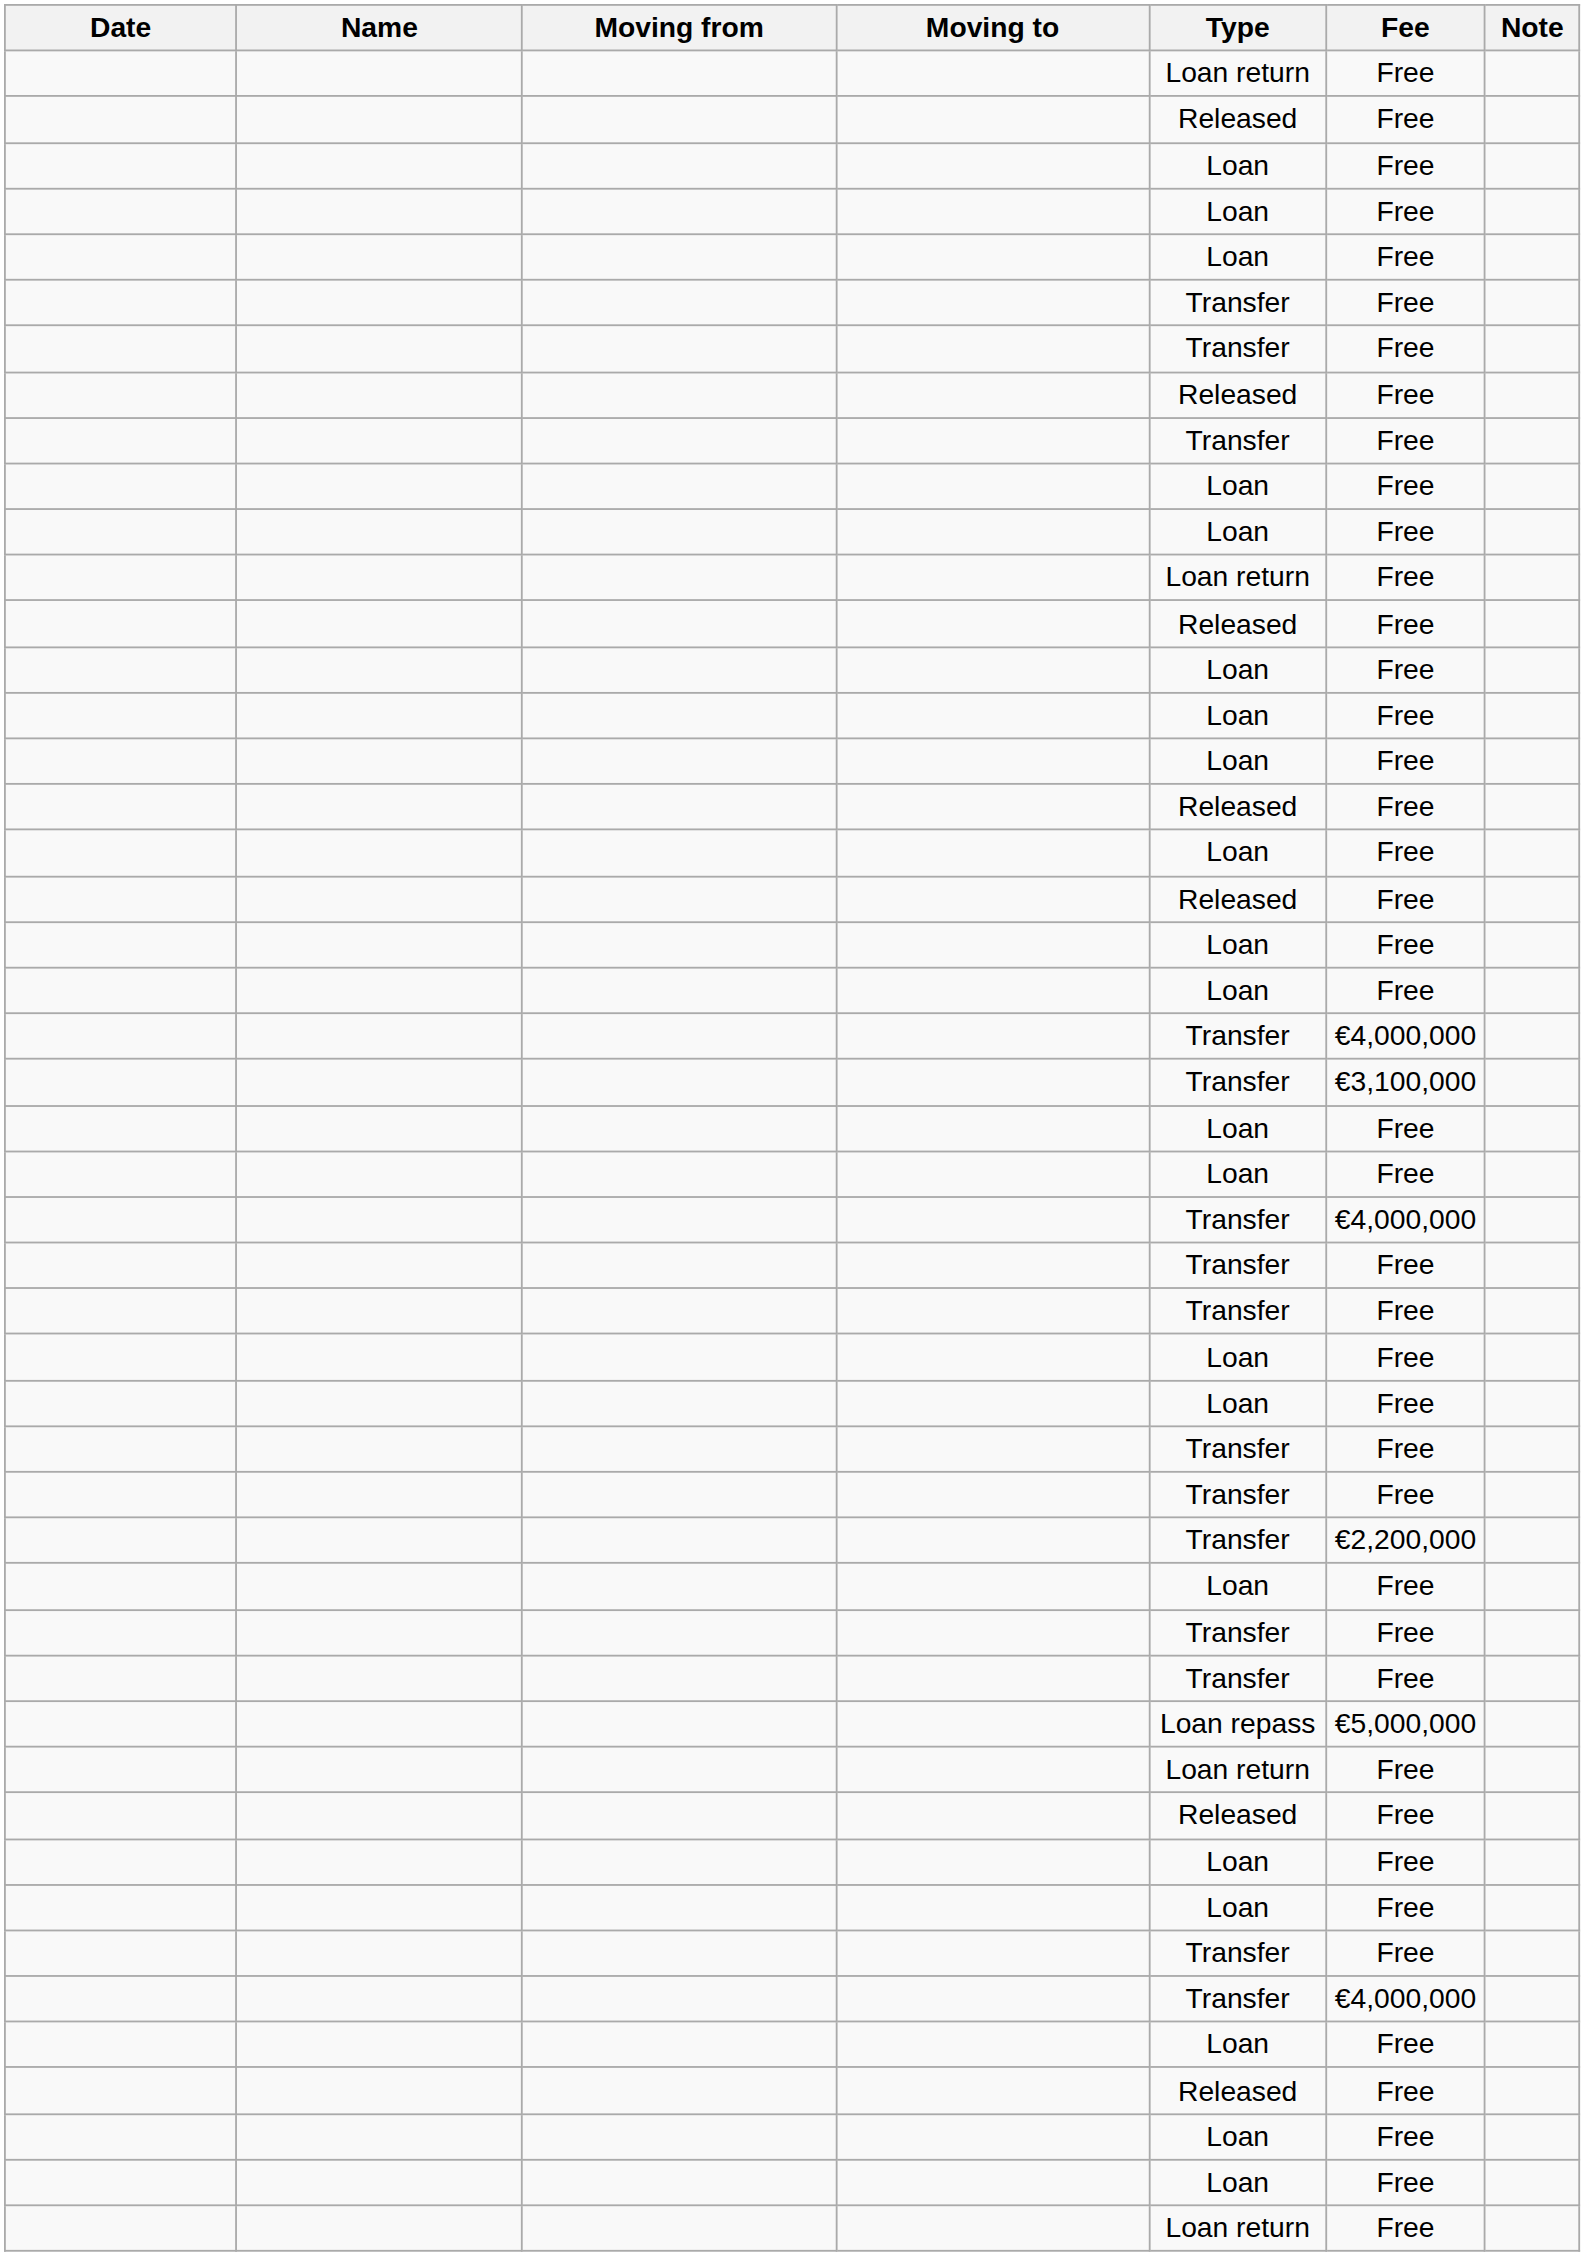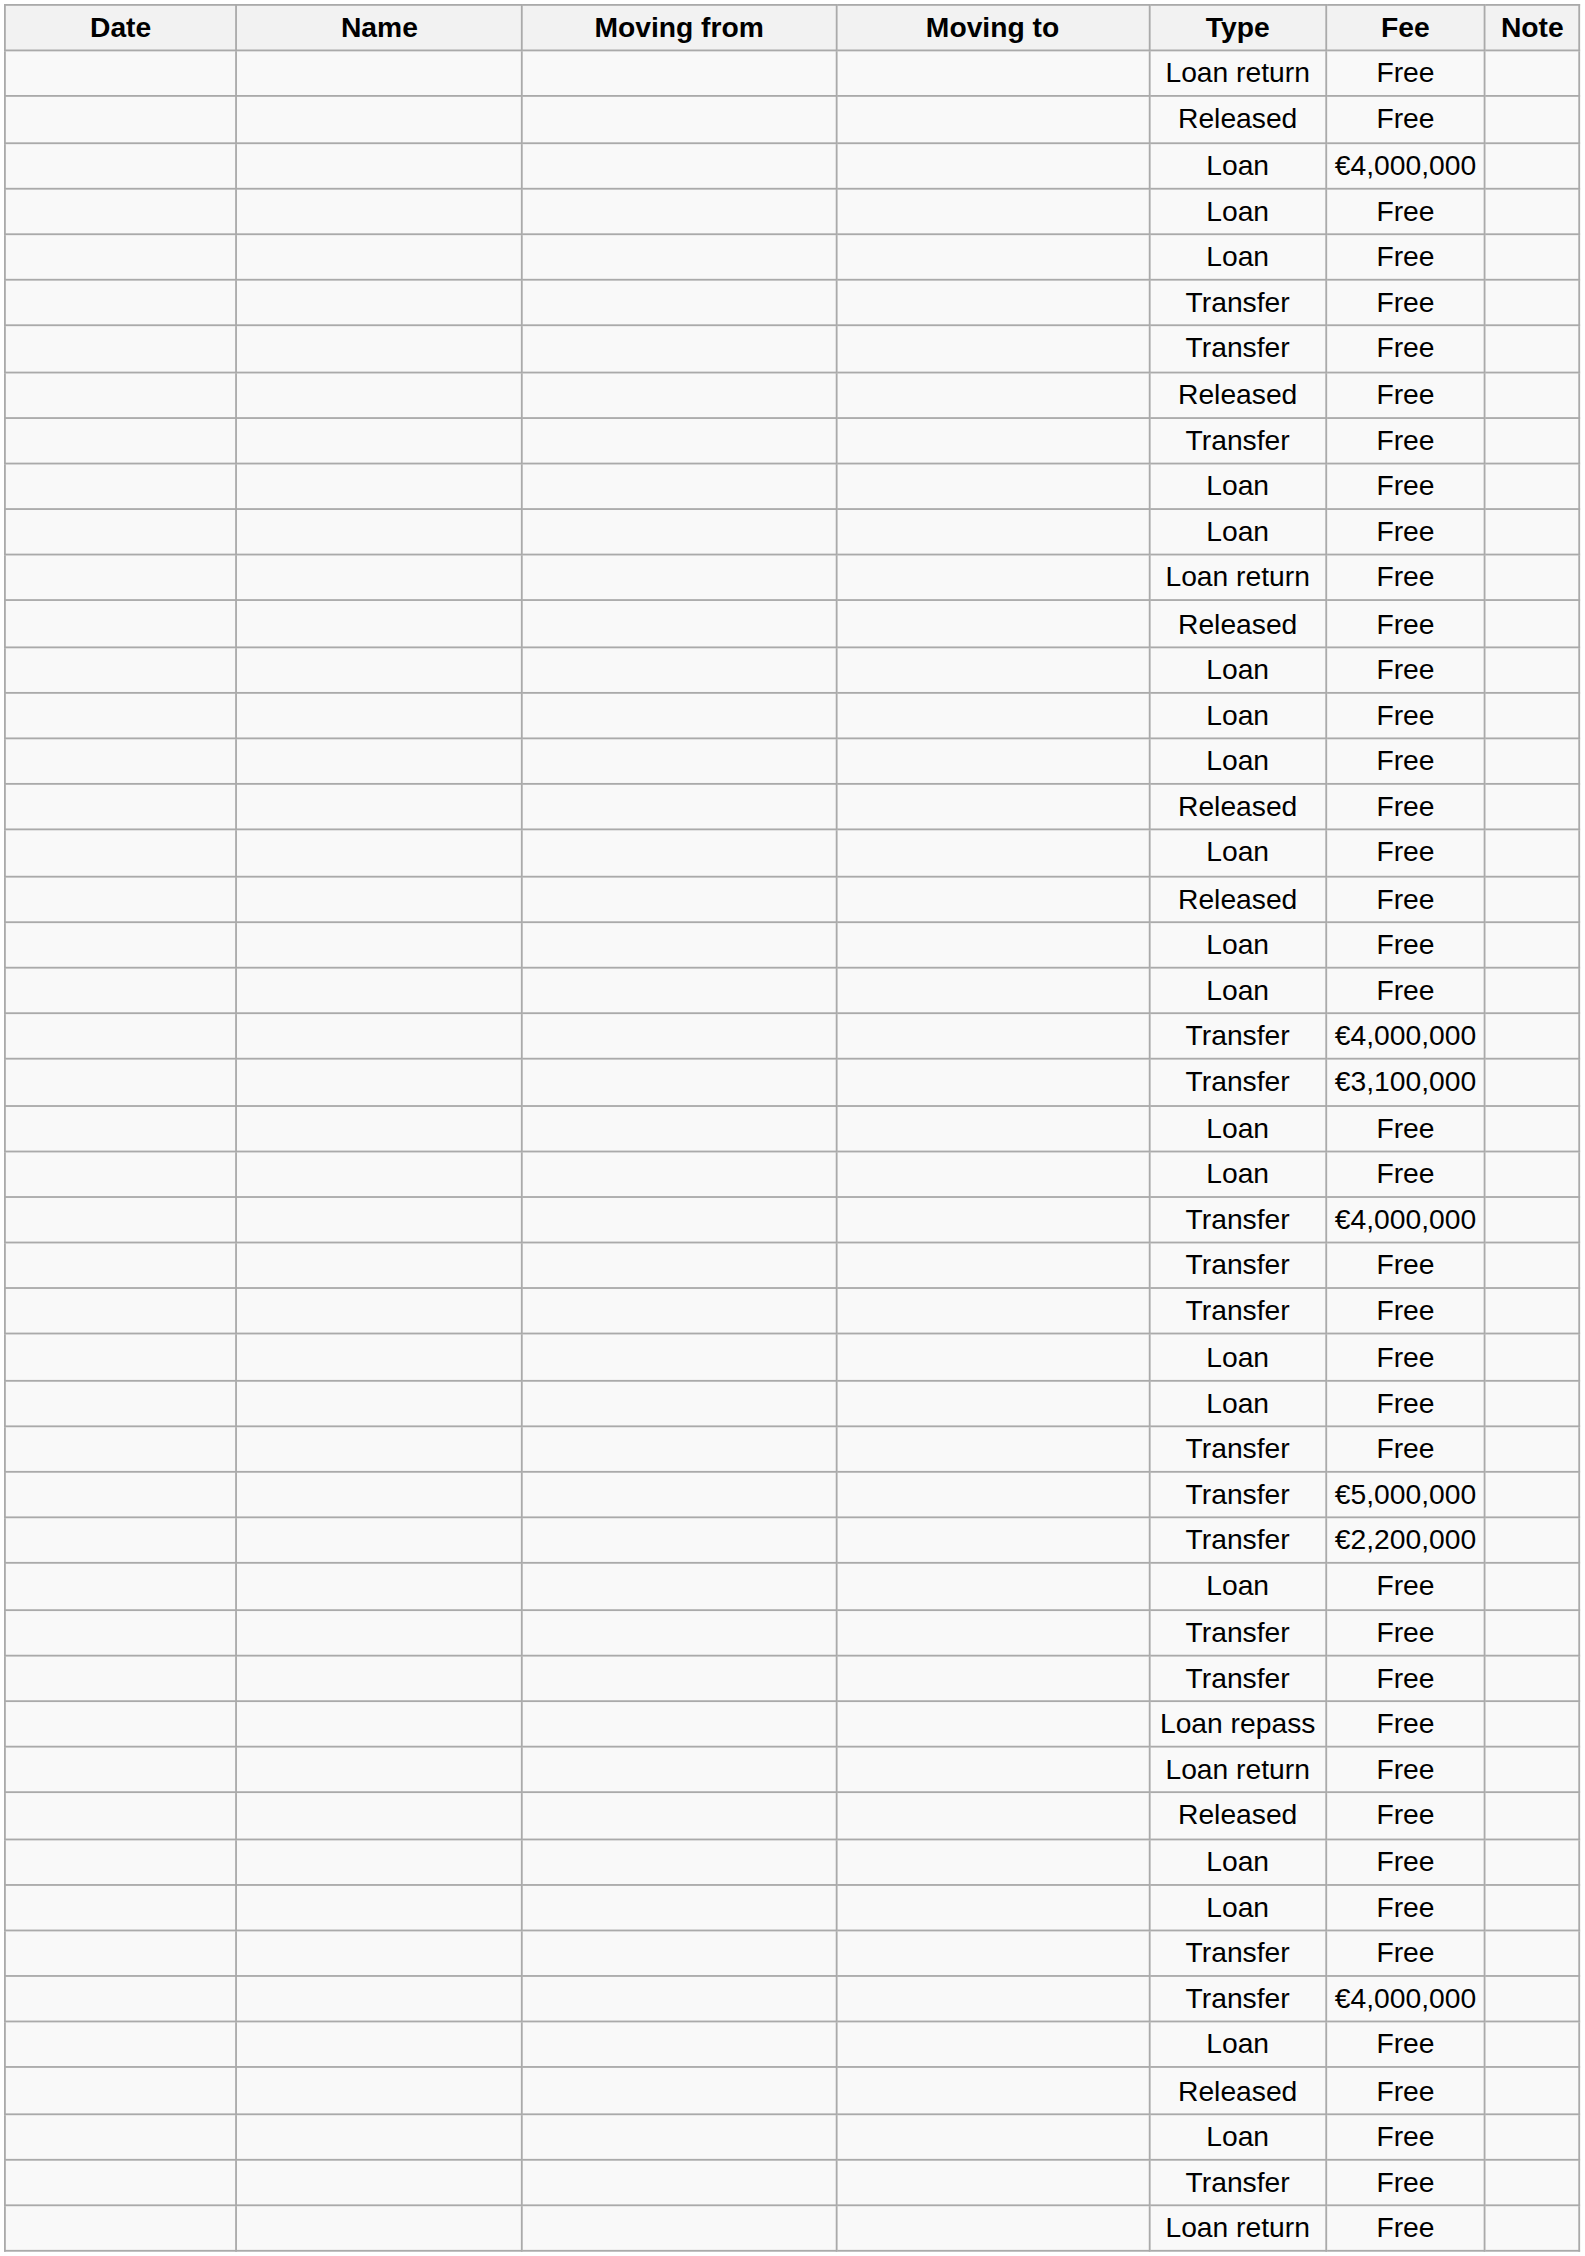 <table class="wikitable sortable" style="font-size:97%;">
 <tr>
 <th width="120"><strong>Date</strong></th>
 <th width="150"><strong>Name</strong></th>
 <th width="165"><strong>Moving from</strong></th>
 <th width="165"><strong>Moving to</strong></th>
 <th width="90"><strong>Type</strong></th>
 <th width="80"><strong>Fee</strong></th>
 <th width="45"><strong>Note</strong></th>
 </tr>
 <tr>
 <td style="text-align:center;"></td>
 <td></td>
 <td></td>
 <td></td>
 <td style="text-align:center;">Loan return</td>
 <td style="text-align:center;">Free</td>
 <td style="text-align:center;"></td>
 </tr>
 <tr>
 <td style="text-align:center;"></td>
 <td></td>
 <td></td>
 <td></td>
 <td style="text-align:center;">Released</td>
 <td style="text-align:center;">Free</td>
 <td style="text-align:center;"></td>
 </tr>
 <tr>
 <td style="text-align:center;"></td>
 <td></td>
 <td></td>
 <td></td>
 <td style="text-align:center;">Loan</td>
-<td style="text-align:center;">Free</td>
+<td style="text-align:center;">€4,000,000</td>
 <td style="text-align:center;"></td>
 </tr>
 <tr>
 <td style="text-align:center;"></td>
 <td></td>
 <td></td>
 <td></td>
 <td style="text-align:center;">Loan</td>
 <td style="text-align:center;">Free</td>
 <td style="text-align:center;"></td>
 </tr>
 <tr>
 <td style="text-align:center;"></td>
 <td></td>
 <td></td>
 <td></td>
 <td style="text-align:center;">Loan</td>
 <td style="text-align:center;">Free</td>
 <td style="text-align:center;"></td>
 </tr>
 <tr>
 <td style="text-align:center;"></td>
 <td></td>
 <td></td>
 <td></td>
 <td style="text-align:center;">Transfer</td>
 <td style="text-align:center;">Free</td>
 <td style="text-align:center;"></td>
 </tr>
 <tr>
 <td style="text-align:center;"></td>
 <td></td>
 <td></td>
 <td></td>
 <td style="text-align:center;">Transfer</td>
 <td style="text-align:center;">Free</td>
 <td style="text-align:center;"></td>
 </tr>
 <tr>
 <td style="text-align:center;"></td>
 <td></td>
 <td></td>
 <td></td>
 <td style="text-align:center;">Released</td>
 <td style="text-align:center;">Free</td>
 <td style="text-align:center;"></td>
 </tr>
 <tr>
 <td style="text-align:center;"></td>
 <td></td>
 <td></td>
 <td></td>
 <td style="text-align:center;">Transfer</td>
 <td style="text-align:center;">Free</td>
 <td style="text-align:center;"></td>
 </tr>
 <tr>
 <td style="text-align:center;"></td>
 <td></td>
 <td></td>
 <td></td>
 <td style="text-align:center;">Loan</td>
 <td style="text-align:center;">Free</td>
 <td style="text-align:center;"></td>
 </tr>
 <tr>
 <td style="text-align:center;"></td>
 <td></td>
 <td></td>
 <td></td>
 <td style="text-align:center;">Loan</td>
 <td style="text-align:center;">Free</td>
 <td style="text-align:center;"></td>
 </tr>
 <tr>
 <td style="text-align:center;"></td>
 <td></td>
 <td></td>
 <td></td>
 <td style="text-align:center;">Loan return</td>
 <td style="text-align:center;">Free</td>
 <td style="text-align:center;"></td>
 </tr>
 <tr>
 <td style="text-align:center;"></td>
 <td></td>
 <td></td>
 <td></td>
 <td style="text-align:center;">Released</td>
 <td style="text-align:center;">Free</td>
 <td style="text-align:center;"></td>
 </tr>
 <tr>
 <td style="text-align:center;"></td>
 <td></td>
 <td></td>
 <td></td>
 <td style="text-align:center;">Loan</td>
 <td style="text-align:center;">Free</td>
 <td style="text-align:center;"></td>
 </tr>
 <tr>
 <td style="text-align:center;"></td>
 <td></td>
 <td></td>
 <td></td>
 <td style="text-align:center;">Loan</td>
 <td style="text-align:center;">Free</td>
 <td style="text-align:center;"></td>
 </tr>
 <tr>
 <td style="text-align:center;"></td>
 <td></td>
 <td></td>
 <td></td>
 <td style="text-align:center;">Loan</td>
 <td style="text-align:center;">Free</td>
 <td style="text-align:center;"></td>
 </tr>
 <tr>
 <td style="text-align:center;"></td>
 <td></td>
 <td></td>
 <td></td>
 <td style="text-align:center;">Released</td>
 <td style="text-align:center;">Free</td>
 <td style="text-align:center;"></td>
 </tr>
 <tr>
 <td style="text-align:center;"></td>
 <td></td>
 <td></td>
 <td></td>
 <td style="text-align:center;">Loan</td>
 <td style="text-align:center;">Free</td>
 <td style="text-align:center;"></td>
 </tr>
 <tr>
 <td style="text-align:center;"></td>
 <td></td>
 <td></td>
 <td></td>
 <td style="text-align:center;">Released</td>
 <td style="text-align:center;">Free</td>
 <td style="text-align:center;"></td>
 </tr>
 <tr>
 <td style="text-align:center;"></td>
 <td></td>
 <td></td>
 <td></td>
 <td style="text-align:center;">Loan</td>
 <td style="text-align:center;">Free</td>
 <td style="text-align:center;"></td>
 </tr>
 <tr>
 <td style="text-align:center;"></td>
 <td></td>
 <td></td>
 <td></td>
 <td style="text-align:center;">Loan</td>
 <td style="text-align:center;">Free</td>
 <td style="text-align:center;"></td>
 </tr>
 <tr>
 <td style="text-align:center;"></td>
 <td></td>
 <td></td>
 <td></td>
 <td style="text-align:center;">Transfer</td>
 <td style="text-align:center;">€4,000,000</td>
 <td style="text-align:center;"></td>
 </tr>
 <tr>
 <td style="text-align:center;"></td>
 <td></td>
 <td></td>
 <td></td>
 <td style="text-align:center;">Transfer</td>
 <td style="text-align:center;">€3,100,000</td>
 <td style="text-align:center;"></td>
 </tr>
 <tr>
 <td style="text-align:center;"></td>
 <td></td>
 <td></td>
 <td></td>
 <td style="text-align:center;">Loan</td>
 <td style="text-align:center;">Free</td>
 <td style="text-align:center;"></td>
 </tr>
 <tr>
 <td style="text-align:center;"></td>
 <td></td>
 <td></td>
 <td></td>
 <td style="text-align:center;">Loan</td>
 <td style="text-align:center;">Free</td>
 <td style="text-align:center;"></td>
 </tr>
 <tr>
 <td style="text-align:center;"></td>
 <td></td>
 <td></td>
 <td></td>
 <td style="text-align:center;">Transfer</td>
 <td style="text-align:center;">€4,000,000</td>
 <td style="text-align:center;"></td>
 </tr>
 <tr>
 <td style="text-align:center;"></td>
 <td></td>
 <td></td>
 <td></td>
 <td style="text-align:center;">Transfer</td>
 <td style="text-align:center;">Free</td>
 <td style="text-align:center;"></td>
 </tr>
 <tr>
 <td style="text-align:center;"></td>
 <td></td>
 <td></td>
 <td></td>
 <td style="text-align:center;">Transfer</td>
 <td style="text-align:center;">Free</td>
 <td style="text-align:center;"></td>
 </tr>
 <tr>
 <td style="text-align:center;"></td>
 <td></td>
 <td></td>
 <td></td>
 <td style="text-align:center;">Loan</td>
 <td style="text-align:center;">Free</td>
 <td style="text-align:center;"></td>
 </tr>
 <tr>
 <td style="text-align:center;"></td>
 <td></td>
 <td></td>
 <td></td>
 <td style="text-align:center;">Loan</td>
 <td style="text-align:center;">Free</td>
 <td style="text-align:center;"></td>
 </tr>
 <tr>
 <td style="text-align:center;"></td>
 <td></td>
 <td></td>
 <td></td>
 <td style="text-align:center;">Transfer</td>
 <td style="text-align:center;">Free</td>
 <td style="text-align:center;"></td>
 </tr>
 <tr>
 <td style="text-align:center;"></td>
 <td></td>
 <td></td>
 <td></td>
 <td style="text-align:center;">Transfer</td>
-<td style="text-align:center;">Free</td>
+<td style="text-align:center;">€5,000,000</td>
 <td style="text-align:center;"></td>
 </tr>
 <tr>
 <td style="text-align:center;"></td>
 <td></td>
 <td></td>
 <td></td>
 <td style="text-align:center;">Transfer</td>
 <td style="text-align:center;">€2,200,000</td>
 <td style="text-align:center;"></td>
 </tr>
 <tr>
 <td style="text-align:center;"></td>
 <td></td>
 <td></td>
 <td></td>
 <td style="text-align:center;">Loan</td>
 <td style="text-align:center;">Free</td>
 <td style="text-align:center;"></td>
 </tr>
 <tr>
 <td style="text-align:center;"></td>
 <td></td>
 <td></td>
 <td></td>
 <td style="text-align:center;">Transfer</td>
 <td style="text-align:center;">Free</td>
 <td style="text-align:center;"></td>
 </tr>
 <tr>
 <td style="text-align:center;"></td>
 <td></td>
 <td></td>
 <td></td>
 <td style="text-align:center;">Transfer</td>
 <td style="text-align:center;">Free</td>
 <td style="text-align:center;"></td>
 </tr>
 <tr>
 <td style="text-align:center;"></td>
 <td></td>
 <td></td>
 <td></td>
 <td style="text-align:center;">Loan repass</td>
-<td style="text-align:center;">€5,000,000</td>
+<td style="text-align:center;">Free</td>
 <td style="text-align:center;"></td>
 </tr>
 <tr>
 <td style="text-align:center;"></td>
 <td></td>
 <td></td>
 <td></td>
 <td style="text-align:center;">Loan return</td>
 <td style="text-align:center;">Free</td>
 <td style="text-align:center;"></td>
 </tr>
 <tr>
 <td style="text-align:center;"></td>
 <td></td>
 <td></td>
 <td></td>
 <td style="text-align:center;">Released</td>
 <td style="text-align:center;">Free</td>
 <td style="text-align:center;"></td>
 </tr>
 <tr>
 <td style="text-align:center;"></td>
 <td></td>
 <td></td>
 <td></td>
 <td style="text-align:center;">Loan</td>
 <td style="text-align:center;">Free</td>
 <td style="text-align:center;"></td>
 </tr>
 <tr>
 <td style="text-align:center;"></td>
 <td></td>
 <td></td>
 <td></td>
 <td style="text-align:center;">Loan</td>
 <td style="text-align:center;">Free</td>
 <td style="text-align:center;"></td>
 </tr>
 <tr>
 <td style="text-align:center;"></td>
 <td></td>
 <td></td>
 <td></td>
 <td style="text-align:center;">Transfer</td>
 <td style="text-align:center;">Free</td>
 <td style="text-align:center;"></td>
 </tr>
 <tr>
 <td style="text-align:center;"></td>
 <td></td>
 <td></td>
 <td></td>
 <td style="text-align:center;">Transfer</td>
 <td style="text-align:center;">€4,000,000</td>
 <td style="text-align:center;"></td>
 </tr>
 <tr>
 <td style="text-align:center;"></td>
 <td></td>
 <td></td>
 <td></td>
 <td style="text-align:center;">Loan</td>
 <td style="text-align:center;">Free</td>
 <td style="text-align:center;"></td>
 </tr>
 <tr>
 <td style="text-align:center;"></td>
 <td></td>
 <td></td>
 <td></td>
 <td style="text-align:center;">Released</td>
 <td style="text-align:center;">Free</td>
 <td style="text-align:center;"></td>
 </tr>
 <tr>
 <td style="text-align:center;"></td>
 <td></td>
 <td></td>
 <td></td>
 <td style="text-align:center;">Loan</td>
 <td style="text-align:center;">Free</td>
 <td style="text-align:center;"></td>
 </tr>
 <tr>
 <td style="text-align:center;"></td>
 <td></td>
 <td></td>
 <td></td>
-<td style="text-align:center;">Loan</td>
+<td style="text-align:center;">Transfer</td>
 <td style="text-align:center;">Free</td>
 <td style="text-align:center;"></td>
 </tr>
 <tr>
 <td style="text-align:center;"></td>
 <td></td>
 <td></td>
 <td></td>
 <td style="text-align:center;">Loan return</td>
 <td style="text-align:center;">Free</td>
 <td style="text-align:center;"></td>
 </tr>
 </table>
